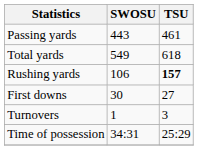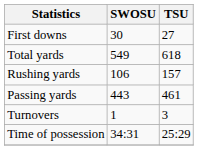 <table class="wikitable">
 <tr>
 <th>Statistics</th>
 <th>SWOSU</th>
 <th>TSU</th>
 </tr>
 <tr>
-<td>Passing yards</td>
-<td>443</td>
-<td>461</td>
+<td>First downs</td>
+<td>30</td>
+<td>27</td>
 </tr>
 <tr>
 <td>Total yards</td>
 <td>549</td>
 <td>618</td>
 </tr>
 <tr>
 <td>Rushing yards</td>
 <td>106</td>
-<td><strong>157</strong></td>
+<td>157</td>
 </tr>
 <tr>
-<td>First downs</td>
-<td>30</td>
-<td>27</td>
+<td>Passing yards</td>
+<td>443</td>
+<td>461</td>
 </tr>
 <tr>
 <td>Turnovers</td>
 <td>1</td>
 <td>3</td>
 </tr>
 <tr>
 <td>Time of possession</td>
 <td>34:31</td>
 <td>25:29</td>
 </tr>
 <tr>
 </tr>
 </table>
